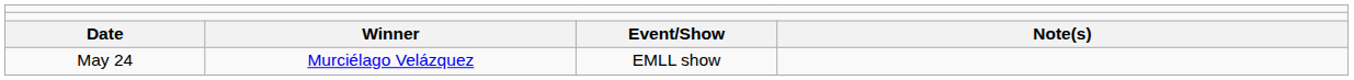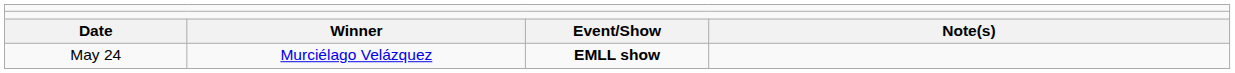 <table class="wikitable" style="text-align:center; width:100%;">
 <tr>
 <td colspan=5></td>
 </tr>
 <tr>
 <td colspan=5><strong></strong></td>
 </tr>
 <tr>
 <th width=14%>Date</th>
 <th width=26%>Winner</th>
 <th width=14%>Event/Show</th>
 <th width=40%>Note(s)</th>
 </tr>
 <tr>
 <td>May 24</td>
 <td><a href='#'>Murciélago Velázquez</a></td>
-<td>EMLL show</td>
+<td><strong>EMLL show</strong></td>
 <td align=left></td>
 </tr>
 </table>
